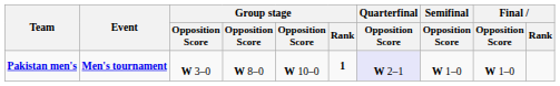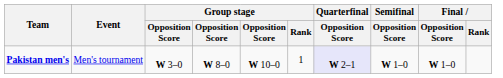 <table class="wikitable" style="font-size:90%">
 <tr>
 <th rowspan=2>Team</th>
 <th rowspan=2>Event</th>
 <th colspan=4>Group stage</th>
 <th>Quarterfinal</th>
 <th>Semifinal</th>
 <th colspan=2>Final / </th>
 </tr>
 <tr style="font-size:95%">
 <th>Opposition<br>Score</th>
 <th>Opposition<br>Score</th>
 <th>Opposition<br>Score</th>
 <th>Rank</th>
 <th>Opposition<br>Score</th>
 <th>Opposition<br>Score</th>
 <th>Opposition<br>Score</th>
 <th>Rank</th>
 </tr>
 <tr align=center>
 <td align=left><strong><a href='#'>Pakistan men's</a></strong></td>
-<td align=left><strong><a href='#'>Men's tournament</a></strong></td>
+<td align=left><a href='#'>Men's tournament</a></td>
 <td><br><strong>W</strong> 3–0</td>
 <td><br><strong>W</strong> 8–0</td>
 <td><br><strong>W</strong> 10–0</td>
-<td><strong>1</strong></td>
+<td>1</td>
 <td style="background: lavender;"><br><strong>W</strong> 2–1</td>
 <td><br><strong>W</strong> 1–0</td>
 <td><br><strong>W</strong> 1–0</td>
 <td></td>
 </tr>
 </table>
